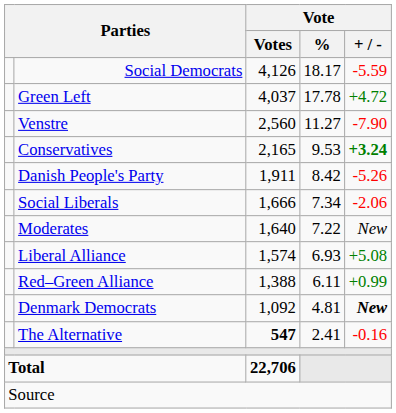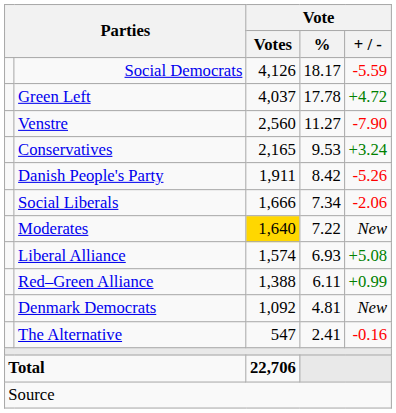 <table class="wikitable" style="text-align:right;">
 <tr>
 <th style="text-align:centre;" rowspan="2" colspan="2" width="225">Parties</th>
 <th colspan="3">Vote</th>
 </tr>
 <tr>
 <th width="15">Votes</th>
 <th width="15">%</th>
 <th width="15">+ / -</th>
 </tr>
 <tr>
 <td width=2 bgcolor=></td>
 <td><a href='#'>Social Democrats</a></td>
 <td>4,126</td>
 <td>18.17</td>
 <td style=color:red;>-5.59</td>
 </tr>
 <tr>
 <td width=2 bgcolor=></td>
 <td align=left><a href='#'>Green Left</a></td>
 <td>4,037</td>
 <td>17.78</td>
 <td style=color:green;>+4.72</td>
 </tr>
 <tr>
 <td width=2 bgcolor=></td>
 <td align=left><a href='#'>Venstre</a></td>
 <td>2,560</td>
 <td>11.27</td>
 <td style=color:red;>-7.90</td>
 </tr>
 <tr>
 <td width=2 bgcolor=></td>
 <td align=left><a href='#'>Conservatives</a></td>
 <td>2,165</td>
 <td>9.53</td>
-<td style=color:green;><strong>+3.24</strong></td>
+<td style=color:green;>+3.24</td>
 </tr>
 <tr>
 <td width=2 bgcolor=></td>
 <td align=left><a href='#'>Danish People's Party</a></td>
 <td>1,911</td>
 <td>8.42</td>
 <td style=color:red;>-5.26</td>
 </tr>
 <tr>
 <td width=2 bgcolor=></td>
 <td align=left><a href='#'>Social Liberals</a></td>
 <td>1,666</td>
 <td>7.34</td>
 <td style=color:red;>-2.06</td>
 </tr>
 <tr>
 <td width=2 bgcolor=></td>
 <td align=left><a href='#'>Moderates</a></td>
-<td>1,640</td>
+<td style="background: gold;">1,640</td>
 <td>7.22</td>
 <td><em>New</em></td>
 </tr>
 <tr>
 <td width=2 bgcolor=></td>
 <td align=left><a href='#'>Liberal Alliance</a></td>
 <td>1,574</td>
 <td>6.93</td>
 <td style=color:green;>+5.08</td>
 </tr>
 <tr>
 <td width=2 bgcolor=></td>
 <td align=left><a href='#'>Red–Green Alliance</a></td>
 <td>1,388</td>
 <td>6.11</td>
 <td style=color:green;>+0.99</td>
 </tr>
 <tr>
 <td width=2 bgcolor=></td>
 <td align=left><a href='#'>Denmark Democrats</a></td>
 <td>1,092</td>
 <td>4.81</td>
-<td><strong><em>New</em></strong></td>
+<td><em>New</em></td>
 </tr>
 <tr>
 <td width=2 bgcolor=></td>
 <td align=left><a href='#'>The Alternative</a></td>
-<td><strong>547</strong></td>
+<td>547</td>
 <td>2.41</td>
 <td style=color:red;>-0.16</td>
 </tr>
 <tr>
 <td colspan="7" bgcolor="#E9E9E9"></td>
 </tr>
 <tr>
 <td align="left" colspan="2"><strong>Total</strong></td>
 <td><strong>22,706</strong></td>
 <td bgcolor=#E9E9E9 colspan=2></td>
 </tr>
 <tr>
 <td align="left" colspan="6">Source</td>
 </tr>
 </table>
